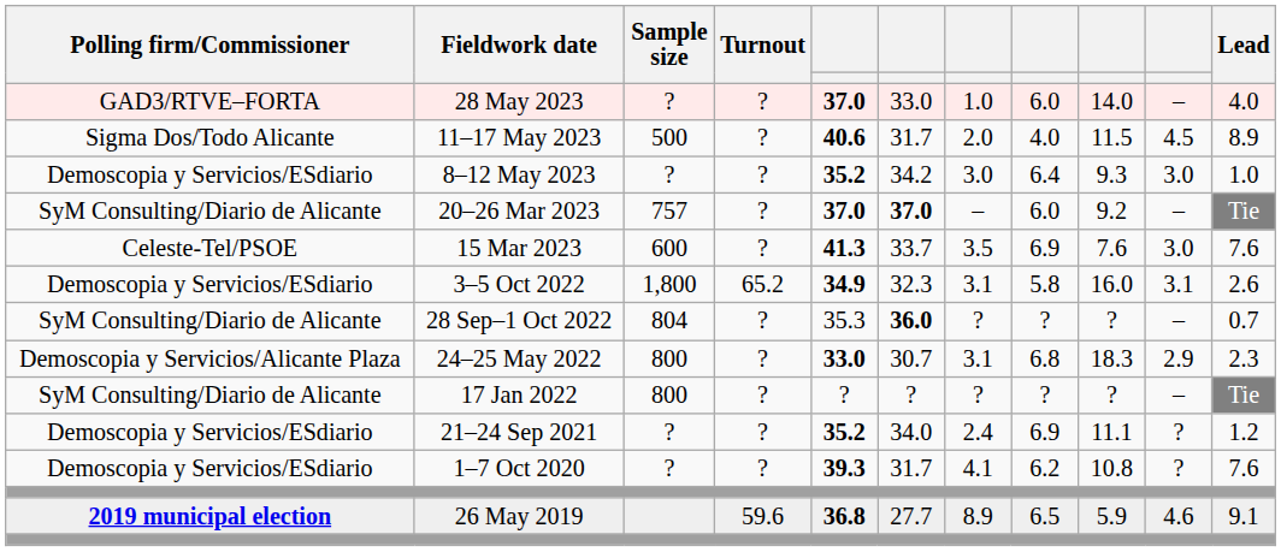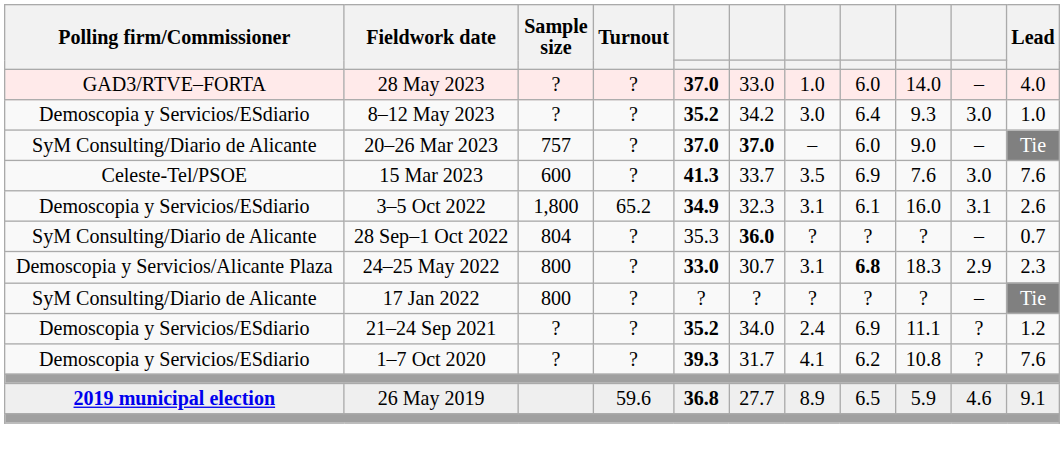 <table class="wikitable collapsible collapsed" style="text-align:center; font-size:95%; line-height:16px;">
 <tr style="height:42px;">
 <th style="width:250px;" rowspan="2">Polling firm/Commissioner</th>
 <th style="width:125px;" rowspan="2">Fieldwork date</th>
 <th style="width:50px;" rowspan="2">Sample size</th>
 <th style="width:45px;" rowspan="2">Turnout</th>
 <th style="width:35px;"></th>
 <th style="width:35px;"></th>
 <th style="width:35px;"></th>
 <th style="width:35px;"></th>
 <th style="width:35px;"></th>
 <th style="width:35px;"></th>
 <th style="width:30px;" rowspan="2">Lead</th>
 </tr>
 <tr>
 <th style="color:inherit;background:"></th>
 <th style="color:inherit;background:"></th>
 <th style="color:inherit;background:"></th>
 <th style="color:inherit;background:"></th>
 <th style="color:inherit;background:"></th>
 <th style="color:inherit;background:"></th>
 </tr>
 <tr style="background:#FFEAEA;">
 <td>GAD3/RTVE–FORTA</td>
 <td>28 May 2023</td>
 <td>?</td>
 <td>?</td>
 <td><strong>37.0</strong><br></td>
 <td>33.0<br></td>
 <td>1.0<br></td>
 <td>6.0<br></td>
 <td>14.0<br></td>
 <td>–</td>
 <td style="background:">4.0</td>
 </tr>
 <tr>
-<td>Sigma Dos/Todo Alicante</td>
-<td>11–17 May 2023</td>
-<td>500</td>
-<td>?</td>
-<td><strong>40.6</strong><br></td>
-<td>31.7<br></td>
-<td>2.0<br></td>
-<td>4.0<br></td>
-<td>11.5<br></td>
-<td>4.5<br></td>
-<td style="background:">8.9</td>
-</tr>
-<tr>
 <td>Demoscopia y Servicios/ESdiario</td>
 <td>8–12 May 2023</td>
 <td>?</td>
 <td>?</td>
 <td><strong>35.2</strong><br></td>
 <td>34.2<br></td>
 <td>3.0<br></td>
 <td>6.4<br></td>
 <td>9.3<br></td>
 <td>3.0<br></td>
 <td style="background:">1.0</td>
 </tr>
 <tr>
 <td>SyM Consulting/Diario de Alicante</td>
 <td>20–26 Mar 2023</td>
 <td>757</td>
 <td>?</td>
 <td><strong>37.0</strong><br></td>
 <td><strong>37.0</strong><br></td>
 <td>–</td>
 <td>6.0<br></td>
-<td>9.2<br></td>
+<td>9.0<br></td>
 <td>–</td>
 <td style="background:grey; color:white;">Tie</td>
 </tr>
 <tr>
 <td>Celeste-Tel/PSOE</td>
 <td>15 Mar 2023</td>
 <td>600</td>
 <td>?</td>
 <td><strong>41.3</strong><br></td>
 <td>33.7<br></td>
 <td>3.5<br></td>
 <td>6.9<br></td>
 <td>7.6<br></td>
 <td>3.0<br></td>
 <td style="background:">7.6</td>
 </tr>
 <tr>
 <td>Demoscopia y Servicios/ESdiario</td>
 <td>3–5 Oct 2022</td>
 <td>1,800</td>
 <td>65.2</td>
 <td><strong>34.9</strong><br></td>
 <td>32.3<br></td>
 <td>3.1<br></td>
-<td>5.8<br></td>
+<td>6.1<br></td>
 <td>16.0<br></td>
 <td>3.1<br></td>
 <td style="background:">2.6</td>
 </tr>
 <tr>
 <td>SyM Consulting/Diario de Alicante</td>
 <td>28 Sep–1 Oct 2022</td>
 <td>804</td>
 <td>?</td>
 <td>35.3<br></td>
 <td><strong>36.0</strong><br></td>
 <td>?<br></td>
 <td>?<br></td>
 <td>?<br></td>
 <td>–</td>
 <td style="background:">0.7</td>
 </tr>
 <tr>
 <td>Demoscopia y Servicios/Alicante Plaza</td>
 <td>24–25 May 2022</td>
 <td>800</td>
 <td>?</td>
 <td><strong>33.0</strong><br></td>
 <td>30.7<br></td>
 <td>3.1<br></td>
-<td>6.8<br></td>
+<td><strong>6.8<br></strong></td>
 <td>18.3<br></td>
 <td>2.9<br></td>
 <td style="background:">2.3</td>
 </tr>
 <tr>
 <td>SyM Consulting/Diario de Alicante</td>
 <td>17 Jan 2022</td>
 <td>800</td>
 <td>?</td>
 <td>?<br></td>
 <td>?<br></td>
 <td>?<br></td>
 <td>?<br></td>
 <td>?<br></td>
 <td>–</td>
 <td style="background:grey; color:white;">Tie</td>
 </tr>
 <tr>
 <td>Demoscopia y Servicios/ESdiario</td>
 <td>21–24 Sep 2021</td>
 <td>?</td>
 <td>?</td>
 <td><strong>35.2</strong><br></td>
 <td>34.0<br></td>
 <td>2.4<br></td>
 <td>6.9<br></td>
 <td>11.1<br></td>
 <td>?<br></td>
 <td style="background:">1.2</td>
 </tr>
 <tr>
 <td>Demoscopia y Servicios/ESdiario</td>
 <td>1–7 Oct 2020</td>
 <td>?</td>
 <td>?</td>
 <td><strong>39.3</strong><br></td>
 <td>31.7<br></td>
 <td>4.1<br></td>
 <td>6.2<br></td>
 <td>10.8<br></td>
 <td>?<br></td>
 <td style="background:">7.6</td>
 </tr>
 <tr>
 <td colspan="11" style="background:#A0A0A0"></td>
 </tr>
 <tr style="background:#EFEFEF;">
 <td><strong><a href='#'>2019 municipal election</a></strong></td>
 <td>26 May 2019</td>
 <td></td>
 <td>59.6</td>
 <td><strong>36.8</strong><br></td>
 <td>27.7<br></td>
 <td>8.9<br></td>
 <td>6.5<br></td>
 <td>5.9<br></td>
 <td>4.6<br></td>
 <td style="background:">9.1</td>
 </tr>
 <tr>
 <td colspan="11" style="background:#A0A0A0"></td>
 </tr>
 </table>
